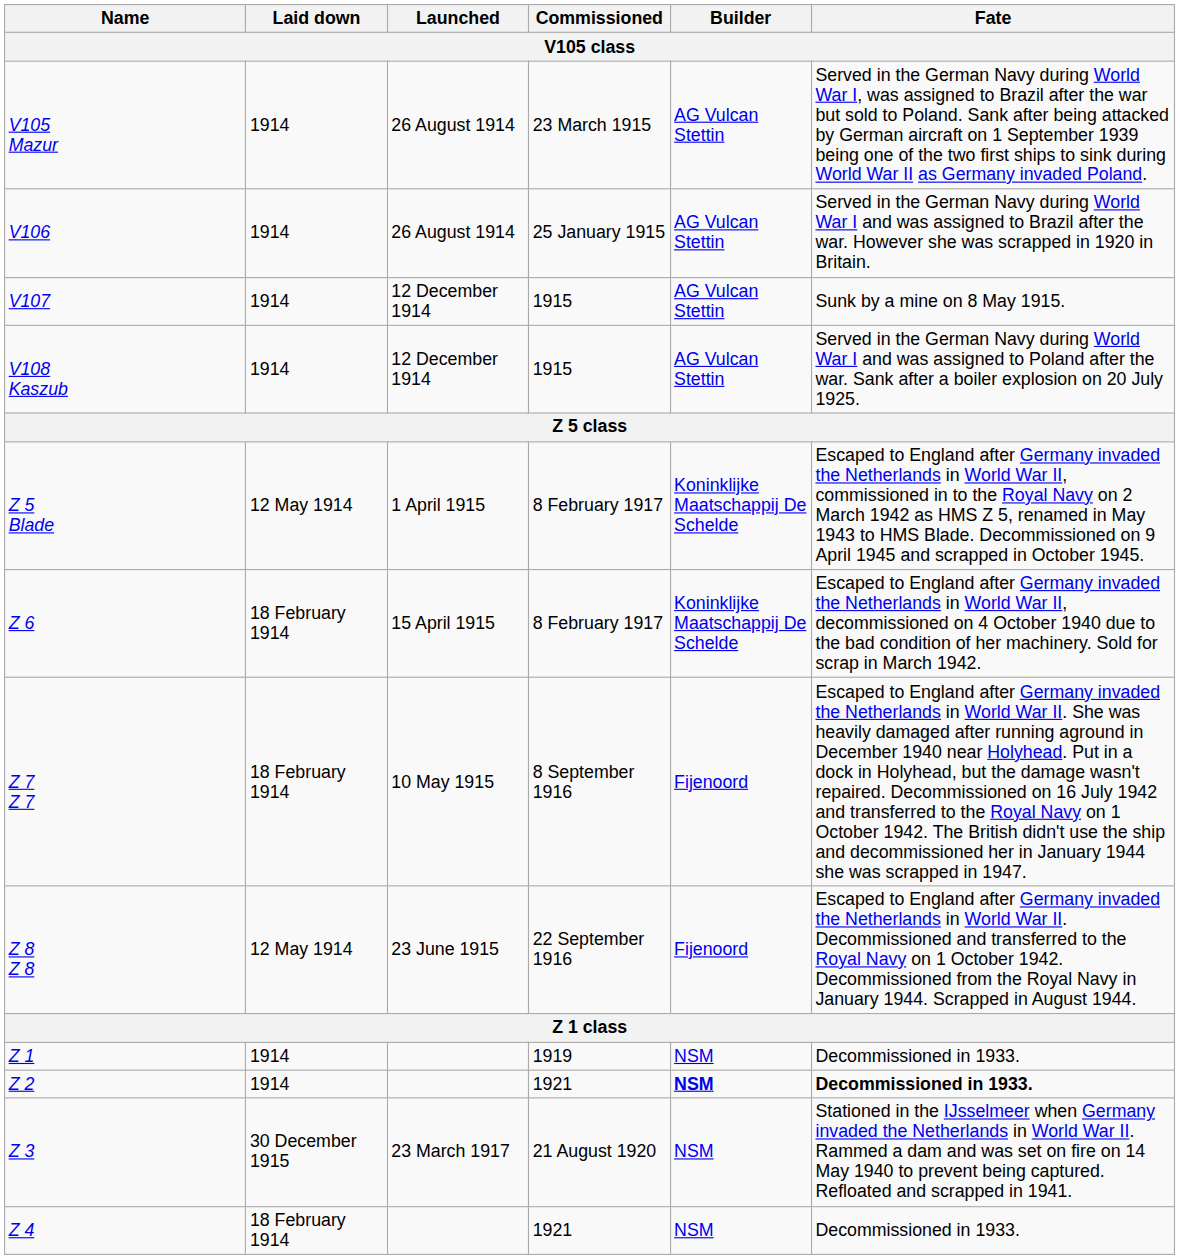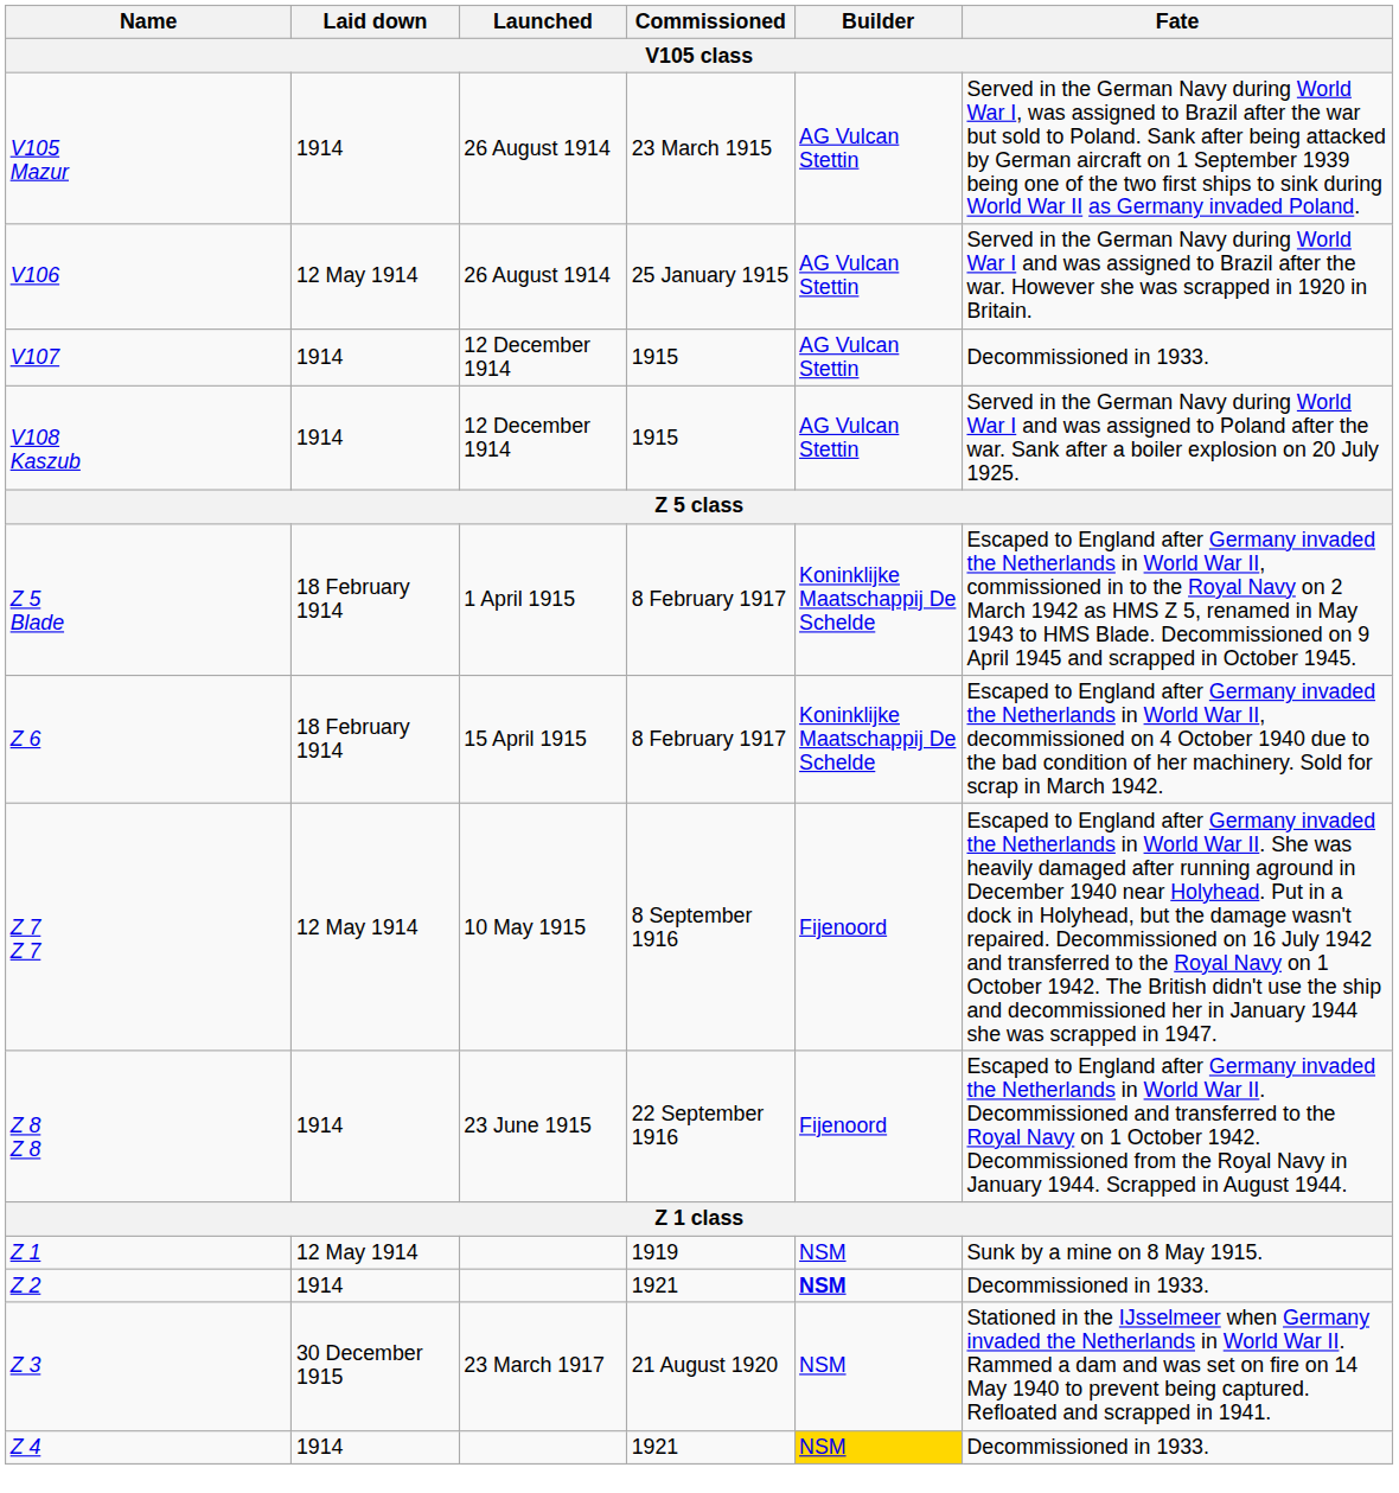 <table class="wikitable">
 <tr>
 <th width="210">Name</th>
 <th width="120">Laid down</th>
 <th width="120">Launched</th>
 <th width="120">Commissioned</th>
 <th width="120">Builder</th>
 <th width="320">Fate</th>
 </tr>
 <tr>
 <th colspan="7">V105 class</th>
 </tr>
 <tr>
 <td><br><a href='#'><em>V105</em></a>  <br> <a href='#'><em>Mazur</em></a> </td>
 <td>1914</td>
 <td>26 August 1914</td>
 <td>23 March 1915</td>
 <td><a href='#'>AG Vulcan Stettin</a></td>
 <td>Served in the German Navy during <a href='#'>World War I</a>, was assigned to Brazil after the war but sold to Poland. Sank after being attacked by German aircraft on 1 September 1939 being one of the two first ships to sink during <a href='#'>World War II</a> <a href='#'>as Germany invaded Poland</a>.</td>
 </tr>
 <tr>
 <td><a href='#'><em>V106</em></a>    </td>
-<td>1914</td>
+<td>12 May 1914</td>
 <td>26 August 1914</td>
 <td>25 January 1915</td>
 <td><a href='#'>AG Vulcan Stettin</a></td>
 <td>Served in the German Navy during <a href='#'>World War I</a> and was assigned to Brazil after the war. However she was scrapped in 1920 in Britain.</td>
 </tr>
 <tr>
 <td><a href='#'><em>V107</em></a> </td>
 <td>1914</td>
 <td>12 December 1914</td>
 <td>1915</td>
 <td><a href='#'>AG Vulcan Stettin</a></td>
-<td>Sunk by a mine on 8 May 1915.</td>
+<td>Decommissioned in 1933.</td>
 </tr>
 <tr>
 <td><br><a href='#'><em>V108</em></a>  <br> <a href='#'><em>Kaszub</em></a> </td>
 <td>1914</td>
 <td>12 December 1914</td>
 <td>1915</td>
 <td><a href='#'>AG Vulcan Stettin</a></td>
 <td>Served in the German Navy during <a href='#'>World War I</a> and was assigned to Poland after the war. Sank after a boiler explosion on 20 July 1925.</td>
 </tr>
 <tr>
 <th colspan="7">Z 5 class</th>
 </tr>
 <tr>
 <td><br><a href='#'><em>Z 5</em></a>  <br> <a href='#'><em>Blade</em></a> </td>
-<td>12 May 1914</td>
+<td>18 February 1914</td>
 <td>1 April 1915</td>
 <td>8 February 1917</td>
 <td><a href='#'>Koninklijke Maatschappij De Schelde</a></td>
 <td>Escaped to England after <a href='#'>Germany invaded the Netherlands</a> in <a href='#'>World War II</a>, commissioned in to the <a href='#'>Royal Navy</a> on 2 March 1942 as HMS Z 5, renamed in May 1943 to HMS Blade. Decommissioned on 9 April 1945 and scrapped in October 1945.</td>
 </tr>
 <tr>
 <td><a href='#'><em>Z 6</em></a> </td>
 <td>18 February 1914</td>
 <td>15 April 1915</td>
 <td>8 February 1917</td>
 <td><a href='#'>Koninklijke Maatschappij De Schelde</a></td>
 <td>Escaped to England after <a href='#'>Germany invaded the Netherlands</a> in <a href='#'>World War II</a>, decommissioned on 4 October 1940 due to the bad condition of her machinery. Sold for scrap in March 1942.</td>
 </tr>
 <tr>
 <td><br><a href='#'><em>Z 7</em></a>  <br> <a href='#'><em>Z 7</em></a> </td>
-<td>18 February 1914</td>
+<td>12 May 1914</td>
 <td>10 May 1915</td>
 <td>8 September 1916</td>
 <td><a href='#'>Fijenoord</a></td>
 <td>Escaped to England after <a href='#'>Germany invaded the Netherlands</a> in <a href='#'>World War II</a>. She was heavily damaged after running aground in December 1940 near <a href='#'>Holyhead</a>. Put in a dock in Holyhead, but the damage wasn't repaired. Decommissioned on 16 July 1942 and transferred to the <a href='#'>Royal Navy</a> on 1 October 1942. The British didn't use the ship and decommissioned her in January 1944 she was scrapped in 1947.</td>
 </tr>
 <tr>
 <td><br><a href='#'><em>Z 8</em></a>  <br> <a href='#'><em>Z 8</em></a> </td>
-<td>12 May 1914</td>
+<td>1914</td>
 <td>23 June 1915</td>
 <td>22 September 1916</td>
 <td><a href='#'>Fijenoord</a></td>
 <td>Escaped to England after <a href='#'>Germany invaded the Netherlands</a> in <a href='#'>World War II</a>. Decommissioned and transferred to the <a href='#'>Royal Navy</a> on 1 October 1942. Decommissioned from the Royal Navy in January 1944. Scrapped in August 1944.</td>
 </tr>
 <tr>
 <th colspan="7">Z 1 class</th>
 </tr>
 <tr>
 <td><a href='#'><em>Z 1</em></a> </td>
-<td>1914</td>
+<td>12 May 1914</td>
 <td></td>
 <td>1919</td>
 <td><a href='#'>NSM</a></td>
-<td>Decommissioned in 1933.</td>
+<td>Sunk by a mine on 8 May 1915.</td>
 </tr>
 <tr>
 <td><a href='#'><em>Z 2</em></a> </td>
 <td>1914</td>
 <td></td>
 <td>1921</td>
 <td><strong><a href='#'>NSM</a></strong></td>
-<td><strong>Decommissioned in 1933.</strong></td>
+<td>Decommissioned in 1933.</td>
 </tr>
 <tr>
 <td><a href='#'><em>Z 3</em></a> </td>
 <td>30 December 1915</td>
 <td>23 March 1917</td>
 <td>21 August 1920</td>
 <td><a href='#'>NSM</a></td>
 <td>Stationed in the <a href='#'>IJsselmeer</a> when <a href='#'>Germany invaded the Netherlands</a> in <a href='#'>World War II</a>. Rammed a dam and was set on fire on 14 May 1940 to prevent being captured. Refloated and scrapped in 1941.</td>
 </tr>
 <tr>
 <td><a href='#'><em>Z 4</em></a> </td>
-<td>18 February 1914</td>
+<td>1914</td>
 <td></td>
 <td>1921</td>
-<td><a href='#'>NSM</a></td>
+<td style="background: gold;"><a href='#'>NSM</a></td>
 <td>Decommissioned in 1933.</td>
 </tr>
 </table>
